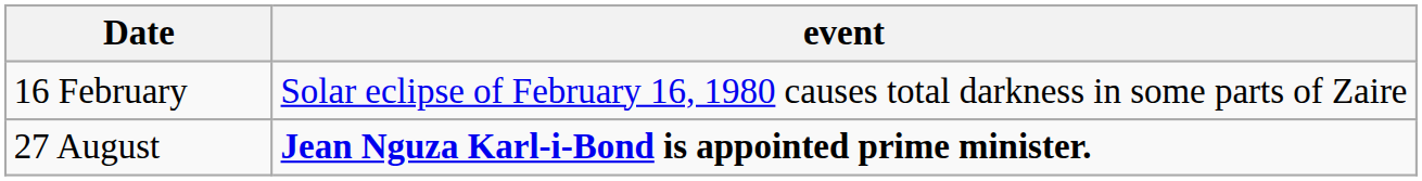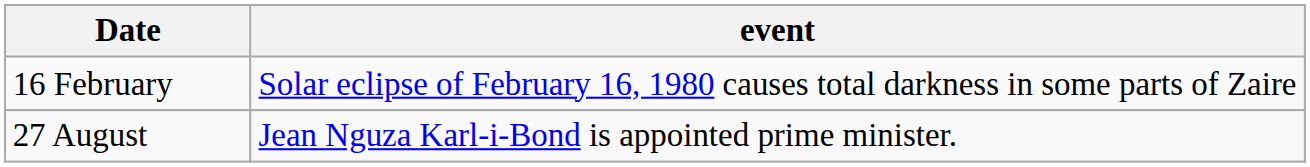 <table class=wikitable>
 <tr>
 <th style="width:7em">Date</th>
 <th>event</th>
 </tr>
 <tr>
 <td>16 February</td>
 <td><a href='#'>Solar eclipse of February 16, 1980</a> causes total darkness in some parts of Zaire</td>
 </tr>
 <tr>
 <td>27 August</td>
-<td><strong><a href='#'>Jean Nguza Karl-i-Bond</a> is appointed prime minister.</strong></td>
+<td><a href='#'>Jean Nguza Karl-i-Bond</a> is appointed prime minister.</td>
 </tr>
 </table>
